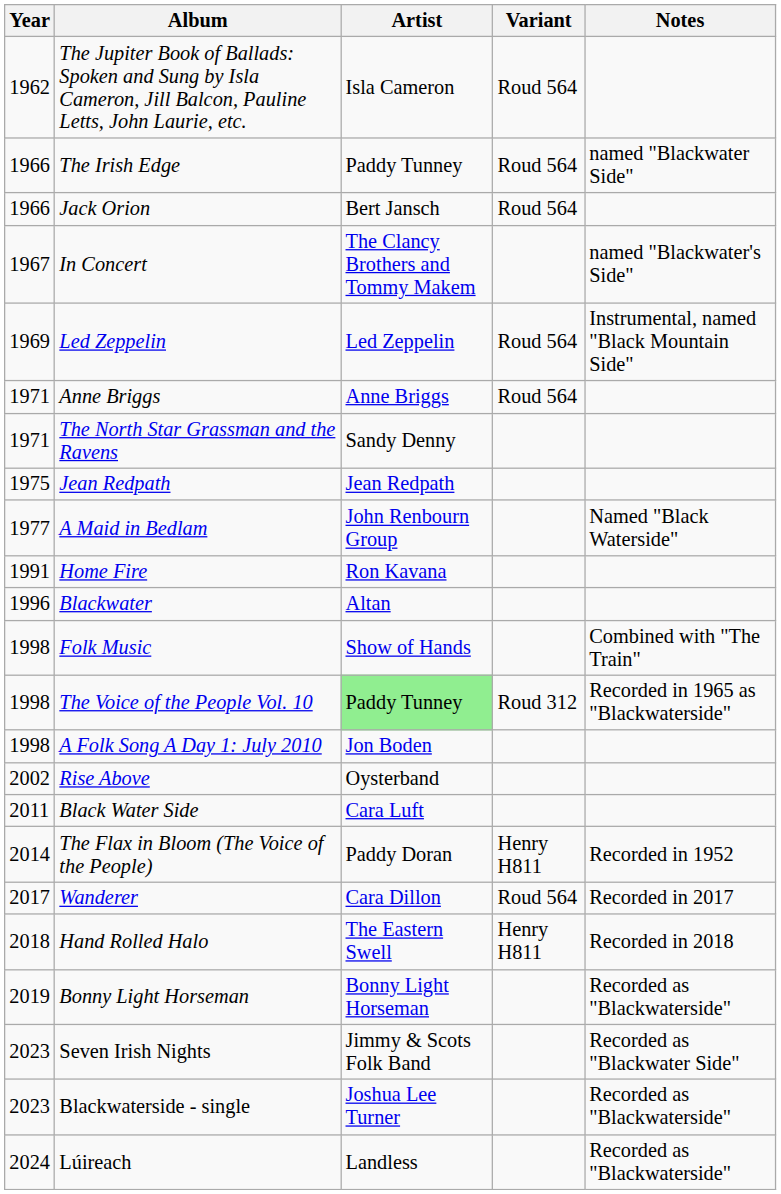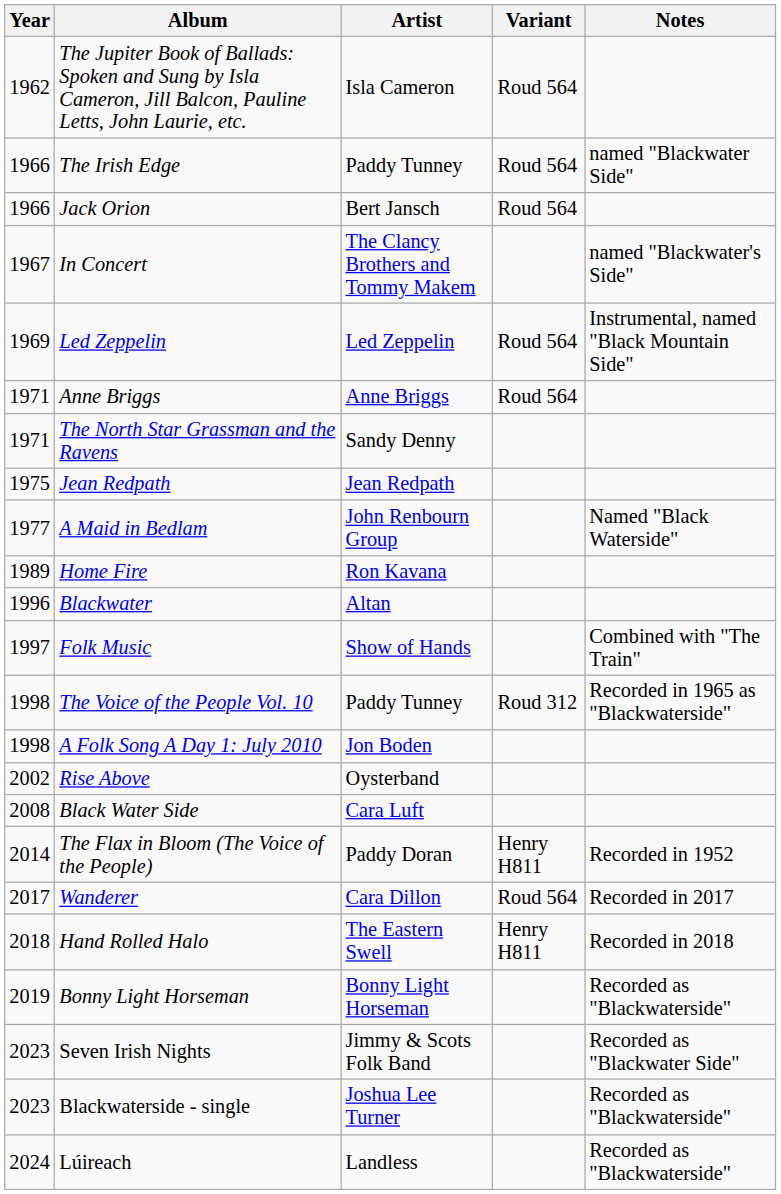 <table class="wikitable sortable">
 <tr>
 <th style="width: 5%;">Year</th>
 <th style="width: 38%;">Album</th>
 <th style="width: 20%;">Artist</th>
 <th style="width: 12%;">Variant</th>
 <th class="unsortable" style="width: 25%;">Notes</th>
 </tr>
 <tr>
 <td>1962</td>
 <td><em>The Jupiter Book of Ballads: Spoken and Sung by Isla Cameron, Jill Balcon, Pauline Letts, John Laurie, etc.</em></td>
 <td>Isla Cameron</td>
 <td>Roud 564</td>
 <td></td>
 </tr>
 <tr>
 <td>1966</td>
 <td><em>The Irish Edge</em></td>
 <td>Paddy Tunney</td>
 <td>Roud 564</td>
 <td>named "Blackwater Side"</td>
 </tr>
 <tr>
 <td>1966</td>
 <td><em>Jack Orion</em></td>
 <td>Bert Jansch</td>
 <td>Roud 564</td>
 <td></td>
 </tr>
 <tr>
 <td>1967</td>
 <td><em>In Concert</em></td>
 <td><a href='#'>The Clancy Brothers and Tommy Makem</a></td>
 <td></td>
 <td>named "Blackwater's Side"</td>
 </tr>
 <tr>
 <td>1969</td>
 <td><em><a href='#'>Led Zeppelin</a></em></td>
 <td><a href='#'>Led Zeppelin</a></td>
 <td>Roud 564</td>
 <td>Instrumental, named "Black Mountain Side"</td>
 </tr>
 <tr>
 <td>1971</td>
 <td><em>Anne Briggs</em></td>
 <td><a href='#'>Anne Briggs</a></td>
 <td>Roud 564</td>
 <td></td>
 </tr>
 <tr>
 <td>1971</td>
 <td><em><a href='#'>The North Star Grassman and the Ravens</a></em></td>
 <td>Sandy Denny</td>
 <td></td>
 <td></td>
 </tr>
 <tr>
 <td>1975</td>
 <td><em><a href='#'>Jean Redpath</a></em></td>
 <td><a href='#'>Jean Redpath</a></td>
 <td></td>
 <td></td>
 </tr>
 <tr>
 <td>1977</td>
 <td><em><a href='#'>A Maid in Bedlam</a></em></td>
 <td><a href='#'> John Renbourn Group</a></td>
 <td></td>
 <td>Named "Black Waterside"</td>
 </tr>
 <tr>
-<td>1991</td>
+<td>1989</td>
 <td><em><a href='#'>Home Fire</a></em></td>
 <td><a href='#'>Ron Kavana</a></td>
 <td></td>
 <td></td>
 </tr>
 <tr>
 <td>1996</td>
 <td><em><a href='#'>Blackwater</a></em></td>
 <td><a href='#'>Altan</a></td>
 <td></td>
 <td></td>
 </tr>
 <tr>
-<td>1998</td>
+<td>1997</td>
 <td><em><a href='#'>Folk Music</a></em></td>
 <td><a href='#'>Show of Hands</a></td>
 <td></td>
 <td>Combined with "The Train"</td>
 </tr>
 <tr>
 <td>1998</td>
 <td><em><a href='#'>The Voice of the People Vol. 10</a></em></td>
-<td style="background: lightgreen;">Paddy Tunney</td>
+<td>Paddy Tunney</td>
 <td>Roud 312</td>
 <td>Recorded in 1965 as "Blackwaterside"</td>
 </tr>
 <tr>
 <td>1998</td>
 <td><em><a href='#'>A Folk Song A Day 1: July 2010</a></em></td>
 <td><a href='#'>Jon Boden</a></td>
 <td></td>
 </tr>
 <tr>
 <td>2002</td>
 <td><em><a href='#'>Rise Above</a></em></td>
 <td>Oysterband</td>
 <td></td>
 <td></td>
 </tr>
 <tr>
-<td>2011</td>
+<td>2008</td>
 <td><em>Black Water Side</em></td>
 <td><a href='#'>Cara Luft</a></td>
 <td></td>
 </tr>
 <tr>
 <td>2014</td>
 <td><em>The Flax in Bloom (The Voice of the People)</em></td>
 <td>Paddy Doran</td>
 <td>Henry H811</td>
 <td>Recorded in 1952</td>
 </tr>
 <tr>
 <td>2017</td>
 <td><em><a href='#'>Wanderer</a></em></td>
 <td><a href='#'>Cara Dillon</a></td>
 <td>Roud 564</td>
 <td>Recorded in 2017</td>
 </tr>
 <tr>
 <td>2018</td>
 <td><em>Hand Rolled Halo</em></td>
 <td><a href='#'>The Eastern Swell</a></td>
 <td>Henry H811</td>
 <td>Recorded in 2018</td>
 </tr>
 <tr>
 <td>2019</td>
 <td><em>Bonny Light Horseman</em></td>
 <td><a href='#'>Bonny Light Horseman</a></td>
 <td></td>
 <td>Recorded as "Blackwaterside"</td>
 </tr>
 <tr>
 <td>2023</td>
 <td>Seven Irish Nights</td>
 <td>Jimmy & Scots Folk Band</td>
 <td></td>
 <td>Recorded as  "Blackwater Side"</td>
 </tr>
 <tr>
 <td>2023</td>
 <td>Blackwaterside - single</td>
 <td><a href='#'>Joshua Lee Turner</a></td>
 <td></td>
 <td>Recorded as  "Blackwaterside"</td>
 </tr>
 <tr>
 <td>2024</td>
 <td>Lúireach</td>
 <td>Landless</td>
 <td></td>
 <td>Recorded as  "Blackwaterside"</td>
 </tr>
 </table>
